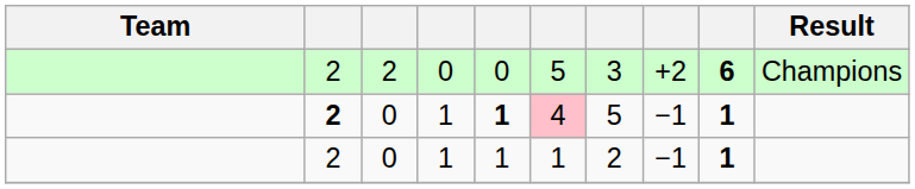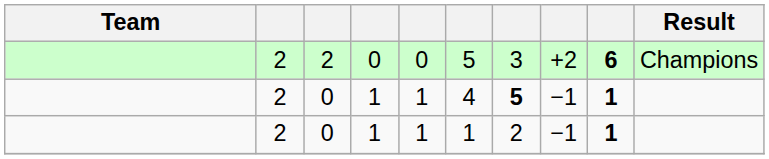 <table class="wikitable" style="text-align:center;">
 <tr>
 <th width=165>Team</th>
 <th width=25></th>
 <th width=25></th>
 <th width=25></th>
 <th width=25></th>
 <th width=25></th>
 <th width=25></th>
 <th width=25></th>
 <th width=25></th>
 <th>Result</th>
 </tr>
 <tr bgcolor="#ccffcc">
 <td style="text-align:left;"></td>
 <td>2</td>
 <td>2</td>
 <td>0</td>
 <td>0</td>
 <td>5</td>
 <td>3</td>
 <td>+2</td>
 <td><strong>6</strong></td>
 <td>Champions</td>
 </tr>
 <tr>
 <td style="text-align:left;"></td>
-<td><strong>2</strong></td>
+<td>2</td>
 <td>0</td>
 <td>1</td>
-<td><strong>1</strong></td>
-<td style="background: pink;">4</td>
-<td>5</td>
+<td>1</td>
+<td>4</td>
+<td><strong>5</strong></td>
 <td>−1</td>
 <td><strong>1</strong></td>
 <td></td>
 </tr>
 <tr>
 <td style="text-align:left;"></td>
 <td>2</td>
 <td>0</td>
 <td>1</td>
 <td>1</td>
 <td>1</td>
 <td>2</td>
 <td>−1</td>
 <td><strong>1</strong></td>
 <td></td>
 </tr>
 <tr>
 </tr>
 </table>
